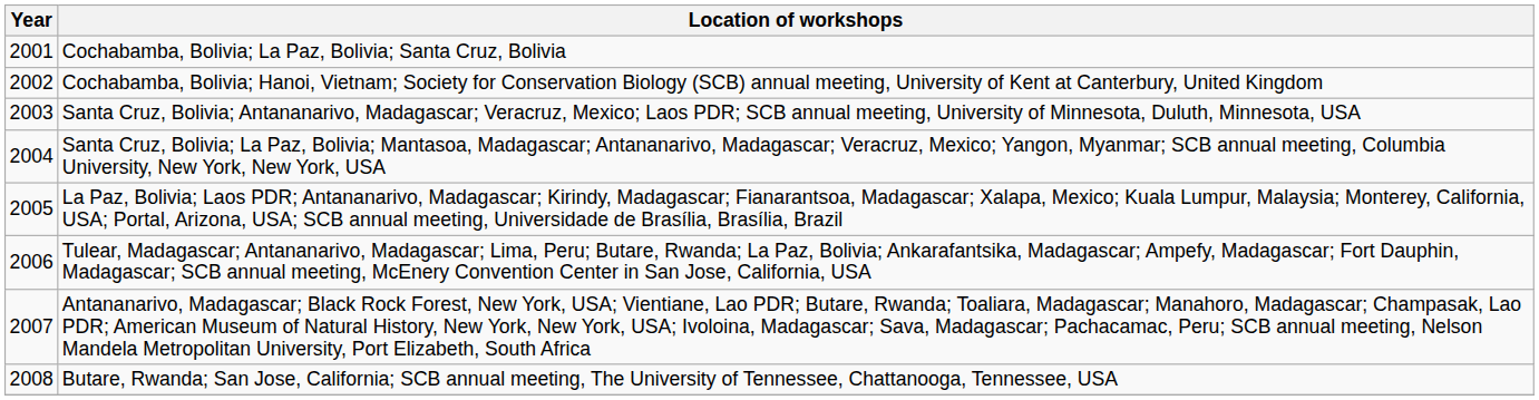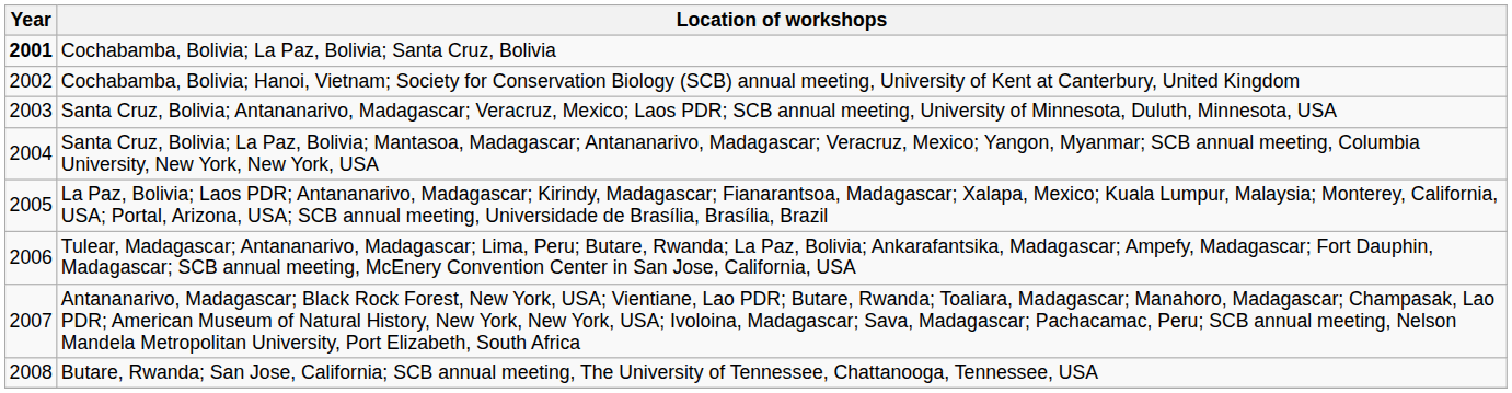 <table class="wikitable" border="1">
 <tr>
 <th>Year</th>
 <th>Location of workshops</th>
 </tr>
 <tr>
-<td>2001</td>
+<td><strong>2001</strong></td>
 <td>Cochabamba, Bolivia; La Paz, Bolivia; Santa Cruz, Bolivia</td>
 </tr>
 <tr>
 <td>2002</td>
 <td>Cochabamba, Bolivia; Hanoi, Vietnam; Society for Conservation Biology (SCB) annual meeting, University of Kent at Canterbury, United Kingdom</td>
 </tr>
 <tr>
 <td>2003</td>
 <td>Santa Cruz, Bolivia; Antananarivo, Madagascar; Veracruz, Mexico; Laos PDR; SCB annual meeting, University of Minnesota, Duluth, Minnesota, USA</td>
 </tr>
 <tr>
 <td>2004</td>
 <td>Santa Cruz, Bolivia; La Paz, Bolivia; Mantasoa, Madagascar; Antananarivo, Madagascar; Veracruz, Mexico; Yangon, Myanmar; SCB annual meeting, Columbia University, New York, New York, USA</td>
 </tr>
 <tr>
 <td>2005</td>
 <td>La Paz, Bolivia; Laos PDR; Antananarivo, Madagascar; Kirindy, Madagascar; Fianarantsoa, Madagascar; Xalapa, Mexico; Kuala Lumpur, Malaysia; Monterey, California, USA; Portal, Arizona, USA; SCB annual meeting, Universidade de Brasília, Brasília, Brazil</td>
 </tr>
 <tr>
 <td>2006</td>
 <td>Tulear, Madagascar; Antananarivo, Madagascar; Lima, Peru; Butare, Rwanda; La Paz, Bolivia; Ankarafantsika, Madagascar; Ampefy, Madagascar; Fort Dauphin, Madagascar; SCB annual meeting, McEnery Convention Center in San Jose, California, USA</td>
 </tr>
 <tr>
 <td>2007</td>
 <td>Antananarivo, Madagascar; Black Rock Forest, New York, USA; Vientiane, Lao PDR; Butare, Rwanda; Toaliara, Madagascar; Manahoro, Madagascar; Champasak, Lao PDR; American Museum of Natural History, New York, New York, USA; Ivoloina, Madagascar; Sava, Madagascar; Pachacamac, Peru; SCB annual meeting, Nelson Mandela Metropolitan University, Port Elizabeth, South Africa</td>
 </tr>
 <tr>
 <td>2008</td>
 <td>Butare, Rwanda; San Jose, California; SCB annual meeting, The University of Tennessee, Chattanooga, Tennessee, USA</td>
 </tr>
 <tr>
 </tr>
 </table>
